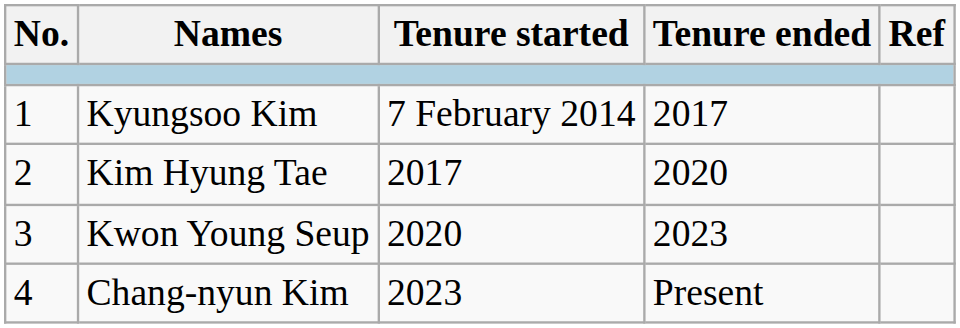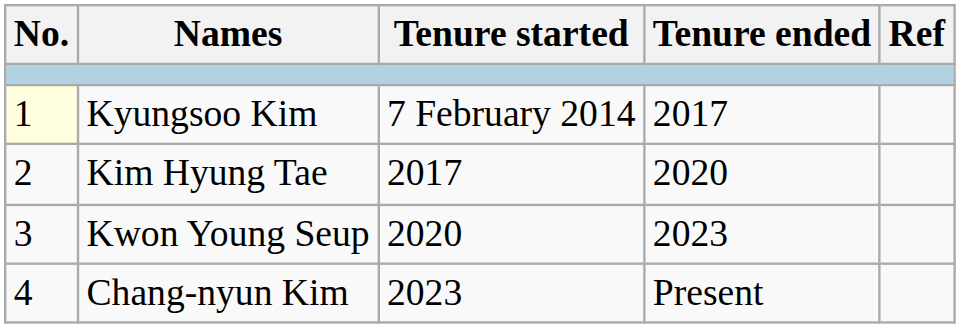 <table class="wikitable sortable" style="font-size: 100%" align=center>
 <tr>
 <th>No.</th>
 <th>Names</th>
 <th>Tenure started</th>
 <th>Tenure ended</th>
 <th>Ref</th>
 </tr>
 <tr>
 <td colspan=5 bgcolor=#B1D2E2 height="1px"></td>
 </tr>
 <tr>
-<td>1</td>
+<td style="background: lightyellow;">1</td>
 <td>Kyungsoo Kim</td>
 <td>7 February 2014</td>
 <td>2017</td>
 <td></td>
 </tr>
 <tr>
 <td>2</td>
 <td>Kim Hyung Tae</td>
 <td>2017</td>
 <td>2020</td>
 <td></td>
 </tr>
 <tr>
 <td>3</td>
 <td>Kwon Young Seup</td>
 <td>2020</td>
 <td>2023</td>
 <td></td>
 </tr>
 <tr>
 <td>4</td>
 <td>Chang-nyun Kim</td>
 <td>2023</td>
 <td>Present</td>
 <td></td>
 </tr>
 </table>
